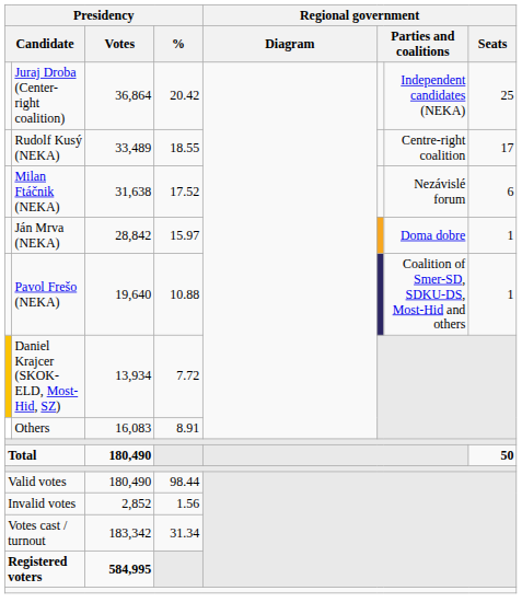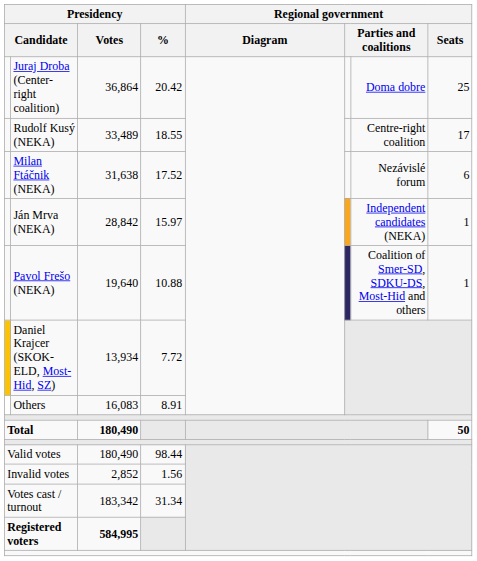 <table class="wikitable" style="text-align:right; font-size:97%;">
 <tr>
 <th colspan="4" width="500">Presidency</th>
 <th colspan="4" width="500">Regional government</th>
 </tr>
 <tr>
 <th colspan="2" width="325">Candidate</th>
 <th width="75">Votes</th>
 <th width="50">%</th>
 <th width="200">Diagram</th>
 <th colspan="2" width="250">Parties and coalitions</th>
 <th width="50">Seats</th>
 </tr>
 <tr>
 <td width="1" style="color:inherit;background:"></td>
 <td align="left"><a href='#'>Juraj Droba</a> (Center-right coalition)</td>
 <td>36,864</td>
 <td>20.42</td>
 <td rowspan="7"></td>
 <td width="1" style="color:inherit;background:"></td>
-<td><a href='#'>Independent candidates</a> (NEKA)</td>
+<td><a href='#'>Doma dobre</a></td>
 <td>25</td>
 </tr>
 <tr>
 <td width="1" style="color:inherit;background:"></td>
 <td align="left">Rudolf Kusý (NEKA)</td>
 <td>33,489</td>
 <td>18.55</td>
 <td width="1" style="color:inherit;background:"></td>
 <td>Centre-right coalition</td>
 <td>17</td>
 </tr>
 <tr>
 <td width="1" style="color:inherit;background:"></td>
 <td align="left"><a href='#'>Milan Ftáčnik</a> (NEKA)</td>
 <td>31,638</td>
 <td>17.52</td>
 <td width="1" style="color:inherit;background:"></td>
 <td>Nezávislé forum</td>
 <td>6</td>
 </tr>
 <tr>
 <td width="1" style="color:inherit;background:"></td>
 <td align="left">Ján Mrva (NEKA)</td>
 <td>28,842</td>
 <td>15.97</td>
 <td width="1" style="color:inherit;background:#F8A71F"></td>
-<td><a href='#'>Doma dobre</a></td>
+<td><a href='#'>Independent candidates</a> (NEKA)</td>
 <td>1</td>
 </tr>
 <tr>
 <td width="1" style="color:inherit;background:"></td>
 <td align="left"><a href='#'>Pavol Frešo</a> (NEKA)</td>
 <td>19,640</td>
 <td>10.88</td>
 <td width="1" style="color:inherit;background:#2C2663"></td>
 <td>Coalition of <a href='#'>Smer-SD</a>, <a href='#'>SDKU-DS</a>, <a href='#'>Most-Hid</a> and others</td>
 <td>1</td>
 </tr>
 <tr>
 <td width="1" style="color:inherit;background:#fbc304"></td>
 <td align="left">Daniel Krajcer (SKOK-ELD, <a href='#'>Most-Hid</a>, <a href='#'>SZ</a>)</td>
 <td>13,934</td>
 <td>7.72</td>
 <td colspan="3" rowspan="2" bgcolor="#E9E9E9"></td>
 </tr>
 <tr>
 <td width="1" bgcolor="white"></td>
 <td align="left">Others</td>
 <td>16,083</td>
 <td>8.91</td>
 </tr>
 <tr>
 <td colspan="8" bgcolor="#E9E9E9"></td>
 </tr>
 <tr>
 <td align="left" colspan="2"><strong>Total</strong></td>
 <td><strong>180,490</strong></td>
 <td style="color:inherit;background:#E9E9E9"></td>
 <td colspan="3" bgcolor="#E9E9E9"></td>
 <td><strong>50</strong></td>
 </tr>
 <tr>
 <td colspan="8" bgcolor="#E9E9E9"></td>
 </tr>
 <tr>
 <td align="left" colspan="2">Valid votes</td>
 <td>180,490</td>
 <td>98.44</td>
 <td bgcolor="#E9E9E9" rowspan="4" colspan="4"></td>
 </tr>
 <tr>
 <td align="left" colspan="2">Invalid votes</td>
 <td>2,852</td>
 <td>1.56</td>
 </tr>
 <tr>
 <td align="left" colspan="2">Votes cast / turnout</td>
 <td>183,342</td>
 <td>31.34</td>
 </tr>
 <tr style="font-weight:bold;">
 <td align="left" colspan="2">Registered voters</td>
 <td>584,995</td>
 <td bgcolor="#E9E9E9"></td>
 </tr>
 <tr>
 <td colspan="8"></td>
 </tr>
 </table>
